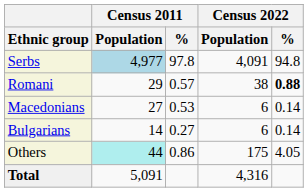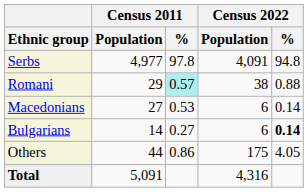 <table class="wikitable">
 <tr>
 <th></th>
 <th colspan="2">Census 2011</th>
 <th colspan="2">Census 2022</th>
 </tr>
 <tr>
 <th>Ethnic group</th>
 <th>Population</th>
 <th>%</th>
 <th>Population</th>
 <th>%</th>
 </tr>
 <tr>
 <td style="background:#F5F5DC;"><a href='#'>Serbs</a></td>
-<td align="right" style="background: lightblue;">4,977</td>
+<td align="right">4,977</td>
 <td>97.8</td>
 <td align="right">4,091</td>
 <td>94.8</td>
 </tr>
 <tr>
 <td style="background:#F5F5DC;"><a href='#'>Romani</a></td>
 <td align="right">29</td>
-<td>0.57</td>
+<td style="background: paleturquoise;">0.57</td>
 <td align="right">38</td>
-<td><strong>0.88</strong></td>
+<td>0.88</td>
 </tr>
 <tr>
 <td style="background:#F5F5DC;"><a href='#'>Macedonians</a></td>
 <td align="right">27</td>
 <td>0.53</td>
 <td align="right">6</td>
 <td>0.14</td>
 </tr>
 <tr>
 <td style="background:#F5F5DC;"><a href='#'>Bulgarians</a></td>
 <td align="right">14</td>
 <td>0.27</td>
 <td align="right">6</td>
-<td>0.14</td>
+<td><strong>0.14</strong></td>
 </tr>
 <tr>
 <td style="background:#F5F5DC;">Others</td>
-<td align="right" style="background: paleturquoise;">44</td>
+<td align="right">44</td>
 <td>0.86</td>
 <td align="right">175</td>
 <td>4.05</td>
 </tr>
 <tr>
 <td style="background:#F0F0F0;"><strong>Total</strong></td>
 <td align="right">5,091</td>
 <td></td>
 <td align="right">4,316</td>
 <td></td>
 </tr>
 </table>
